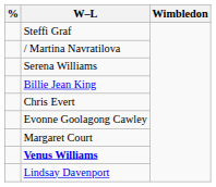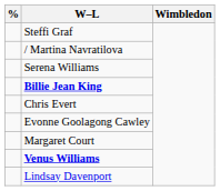 <table class="wikitable nowrap" style="display:inline-table;">
 <tr>
 <th>%</th>
 <th>W–L</th>
 <th>Wimbledon</th>
 </tr>
 <tr>
 <td></td>
 <td> Steffi Graf</td>
 </tr>
 <tr>
 <td></td>
 <td>/ Martina Navratilova</td>
 </tr>
 <tr>
 <td></td>
 <td> Serena Williams</td>
 </tr>
 <tr>
 <td></td>
-<td> <a href='#'>Billie Jean King</a></td>
+<td><strong> <a href='#'>Billie Jean King</a></strong></td>
 </tr>
 <tr>
 <td></td>
 <td> Chris Evert</td>
 </tr>
 <tr>
 <td></td>
 <td> Evonne Goolagong Cawley</td>
 </tr>
 <tr>
 <td></td>
 <td> Margaret Court</td>
 </tr>
 <tr>
 <td></td>
 <td> <strong><a href='#'>Venus Williams</a></strong></td>
 </tr>
 <tr>
 <td></td>
 <td> <a href='#'>Lindsay Davenport</a><br></td>
 </tr>
 </table>
